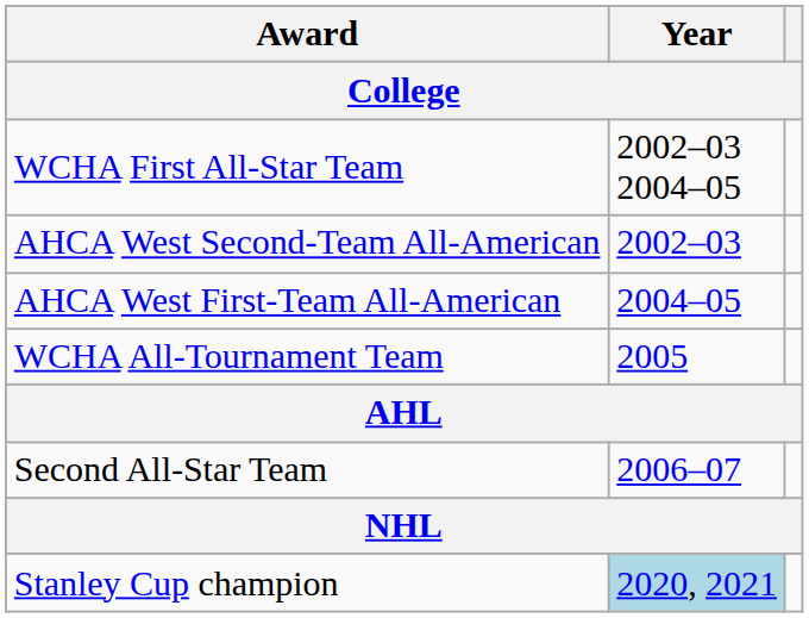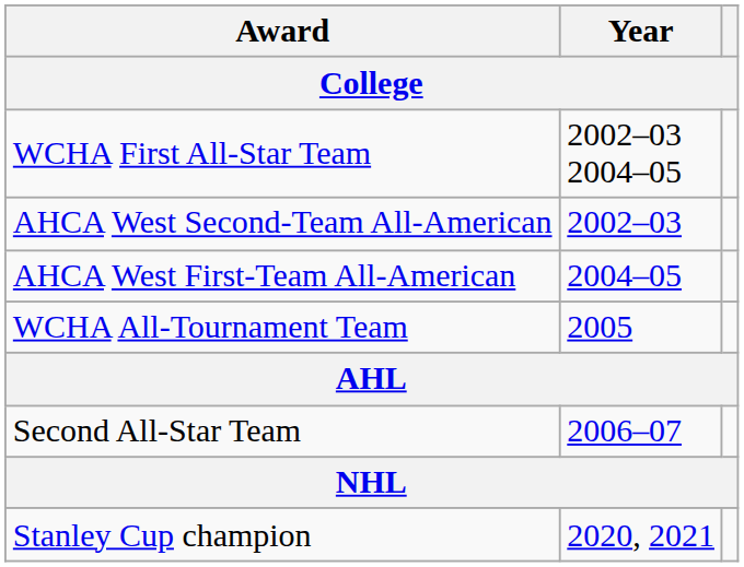 <table class="wikitable">
 <tr>
 <th>Award</th>
 <th>Year</th>
 <th></th>
 </tr>
 <tr>
 <th colspan="3"><a href='#'>College</a></th>
 </tr>
 <tr>
 <td><a href='#'>WCHA</a> <a href='#'>First All-Star Team</a></td>
 <td>2002–03<br>2004–05</td>
 <td></td>
 </tr>
 <tr>
 <td><a href='#'>AHCA</a> <a href='#'>West Second-Team All-American</a></td>
 <td><a href='#'>2002–03</a></td>
 <td></td>
 </tr>
 <tr>
 <td><a href='#'>AHCA</a> <a href='#'>West First-Team All-American</a></td>
 <td><a href='#'>2004–05</a></td>
 <td></td>
 </tr>
 <tr>
 <td><a href='#'>WCHA</a> <a href='#'>All-Tournament Team</a></td>
 <td><a href='#'>2005</a></td>
 <td></td>
 </tr>
 <tr>
 <th colspan="3"><a href='#'>AHL</a></th>
 </tr>
 <tr>
 <td>Second All-Star Team</td>
 <td><a href='#'>2006–07</a></td>
 <td></td>
 </tr>
 <tr>
 <th colspan="3"><a href='#'>NHL</a></th>
 </tr>
 <tr>
 <td><a href='#'>Stanley Cup</a> champion</td>
-<td style="background: lightblue;"><a href='#'>2020</a>, <a href='#'>2021</a></td>
+<td><a href='#'>2020</a>, <a href='#'>2021</a></td>
 <td></td>
 </tr>
 </table>
